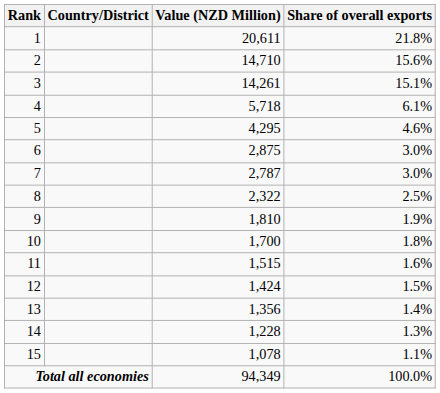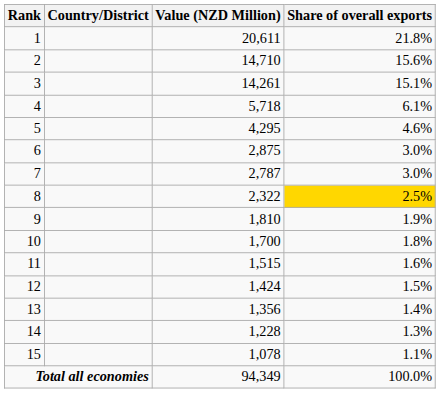 <table class="wikitable sortable" style="text-align:right;">
 <tr>
 <th>Rank</th>
 <th>Country/District</th>
 <th>Value (NZD Million)</th>
 <th>Share of overall exports</th>
 </tr>
 <tr>
 <td>1</td>
 <td><strong></strong></td>
 <td>20,611</td>
 <td>21.8%</td>
 </tr>
 <tr>
 <td>2</td>
 <td><strong></strong></td>
 <td>14,710</td>
 <td>15.6%</td>
 </tr>
 <tr>
 <td>3</td>
 <td><strong></strong></td>
 <td>14,261</td>
 <td>15.1%</td>
 </tr>
 <tr>
 <td>4</td>
 <td><strong></strong></td>
 <td>5,718</td>
 <td>6.1%</td>
 </tr>
 <tr>
 <td>5</td>
 <td><strong></strong></td>
 <td>4,295</td>
 <td>4.6%</td>
 </tr>
 <tr>
 <td>6</td>
 <td><strong></strong></td>
 <td>2,875</td>
 <td>3.0%</td>
 </tr>
 <tr>
 <td>7</td>
 <td><strong></strong></td>
 <td>2,787</td>
 <td>3.0%</td>
 </tr>
 <tr>
 <td>8</td>
 <td><strong></strong></td>
 <td>2,322</td>
-<td>2.5%</td>
+<td style="background: gold;">2.5%</td>
 </tr>
 <tr>
 <td>9</td>
 <td><strong></strong></td>
 <td>1,810</td>
 <td>1.9%</td>
 </tr>
 <tr>
 <td>10</td>
 <td><strong></strong></td>
 <td>1,700</td>
 <td>1.8%</td>
 </tr>
 <tr>
 <td>11</td>
 <td><strong></strong></td>
 <td>1,515</td>
 <td>1.6%</td>
 </tr>
 <tr>
 <td>12</td>
 <td><strong></strong></td>
 <td>1,424</td>
 <td>1.5%</td>
 </tr>
 <tr>
 <td>13</td>
 <td><strong></strong></td>
 <td>1,356</td>
 <td>1.4%</td>
 </tr>
 <tr>
 <td>14</td>
 <td><strong></strong></td>
 <td>1,228</td>
 <td>1.3%</td>
 </tr>
 <tr>
 <td>15</td>
 <td><strong></strong></td>
 <td>1,078</td>
 <td>1.1%</td>
 </tr>
 <tr class="sortbottom">
 <td colspan="2"><strong><em>Total all economies</em></strong></td>
 <td>94,349</td>
 <td>100.0%</td>
 </tr>
 </table>
